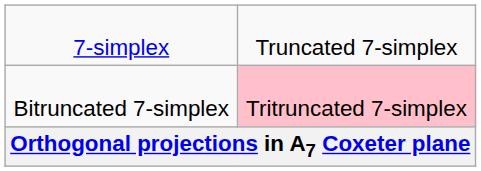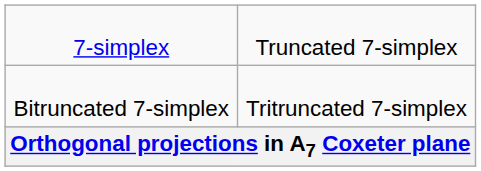 <table class=wikitable style="float:right; margin-left:8px">
 <tr align=center>
 <td><br><a href='#'>7-simplex</a><br></td>
 <td><br>Truncated 7-simplex<br></td>
 </tr>
 <tr align=center>
 <td><br>Bitruncated 7-simplex<br></td>
-<td style="background: pink;"><br>Tritruncated 7-simplex<br></td>
+<td><br>Tritruncated 7-simplex<br></td>
 </tr>
 <tr>
 <th colspan=3><a href='#'>Orthogonal projections</a> in A<sub>7</sub> <a href='#'>Coxeter plane</a></th>
 </tr>
 </table>
